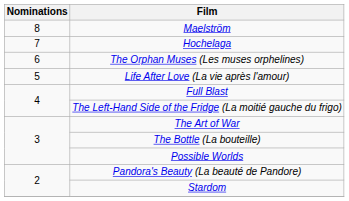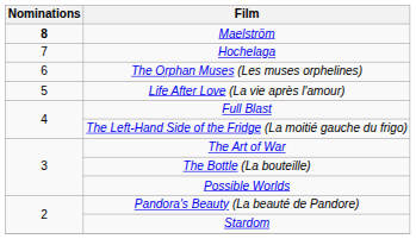 <table class="wikitable" style="text-align:center;">
 <tr>
 <th scope="col" width="17">Nominations</th>
 <th scope="col" align="center">Film</th>
 </tr>
 <tr>
-<td rowspan="1" style="text-align:center;">8</td>
+<td rowspan="1" style="text-align:center;"><strong>8</strong></td>
 <td><em><a href='#'>Maelström</a></em></td>
 </tr>
 <tr>
 <td rowspan="1" style="text-align:center;">7</td>
 <td><em><a href='#'>Hochelaga</a></em></td>
 </tr>
 <tr>
 <td rowspan="1" style="text-align:center;">6</td>
 <td><em><a href='#'>The Orphan Muses</a> (Les muses orphelines)</em></td>
 </tr>
 <tr>
 <td rowspan="1" style="text-align:center;">5</td>
 <td><em><a href='#'>Life After Love</a> (La vie après l'amour)</em></td>
 </tr>
 <tr>
 <td rowspan="2" style="text-align:center;">4</td>
 <td><em><a href='#'>Full Blast</a></em></td>
 </tr>
 <tr>
 <td><em><a href='#'>The Left-Hand Side of the Fridge</a> (La moitié gauche du frigo)</em></td>
 </tr>
 <tr>
 <td rowspan="3" style="text-align:center;">3</td>
 <td><em><a href='#'>The Art of War</a></em></td>
 </tr>
 <tr>
 <td><em><a href='#'>The Bottle</a> (La bouteille)</em></td>
 </tr>
 <tr>
 <td><em><a href='#'>Possible Worlds</a></em></td>
 </tr>
 <tr>
 <td rowspan="2" style="text-align:center;">2</td>
 <td><em><a href='#'>Pandora's Beauty</a> (La beauté de Pandore)</em></td>
 </tr>
 <tr>
 <td><em><a href='#'>Stardom</a></em></td>
 </tr>
 <tr>
 </tr>
 </table>
